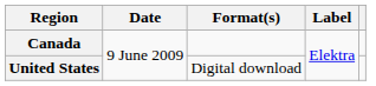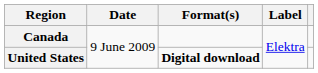 <table class="wikitable plainrowheaders">
 <tr>
 <th scope="col">Region</th>
 <th scope="col">Date</th>
 <th scope="col">Format(s)</th>
 <th scope="col">Label</th>
 <th scope="col"></th>
 </tr>
 <tr>
 <th scope="row">Canada</th>
 <td rowspan="2">9 June 2009</td>
 <td></td>
 <td rowspan="2"><a href='#'>Elektra</a></td>
 <td align="center"></td>
 </tr>
 <tr>
 <th scope="row">United States</th>
-<td>Digital download</td>
+<td><strong>Digital download</strong></td>
 <td align="center"></td>
 </tr>
 </table>
